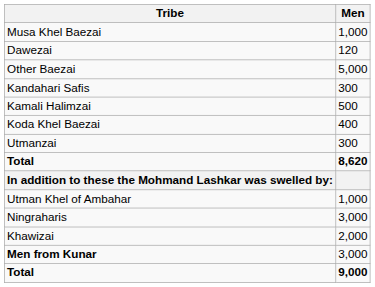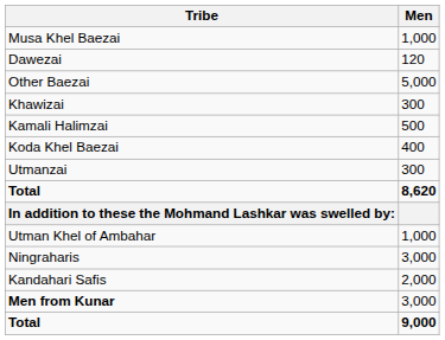 <table class="wikitable">
 <tr>
 <th>Tribe</th>
 <th>Men</th>
 </tr>
 <tr>
 <td>Musa Khel Baezai</td>
 <td>1,000</td>
 </tr>
 <tr>
 <td>Dawezai</td>
 <td>120</td>
 </tr>
 <tr>
 <td>Other Baezai</td>
 <td>5,000</td>
 </tr>
 <tr>
-<td>Kandahari Safis</td>
+<td>Khawizai</td>
 <td>300</td>
 </tr>
 <tr>
 <td>Kamali Halimzai</td>
 <td>500</td>
 </tr>
 <tr>
 <td>Koda Khel Baezai</td>
 <td>400</td>
 </tr>
 <tr>
 <td>Utmanzai</td>
 <td>300</td>
 </tr>
 <tr>
 <td><strong>Total</strong></td>
 <td><strong>8,620</strong></td>
 </tr>
 <tr>
 <th>In addition to these the Mohmand Lashkar was swelled by:</th>
 <th></th>
 </tr>
 <tr>
 <td>Utman Khel of Ambahar</td>
 <td>1,000</td>
 </tr>
 <tr>
 <td>Ningraharis</td>
 <td>3,000</td>
 </tr>
 <tr>
-<td>Khawizai</td>
+<td>Kandahari Safis</td>
 <td>2,000</td>
 </tr>
 <tr>
 <td><strong>Men from Kunar</strong></td>
 <td>3,000</td>
 </tr>
 <tr>
 <td><strong>Total</strong></td>
 <td><strong>9,000</strong></td>
 </tr>
 </table>
